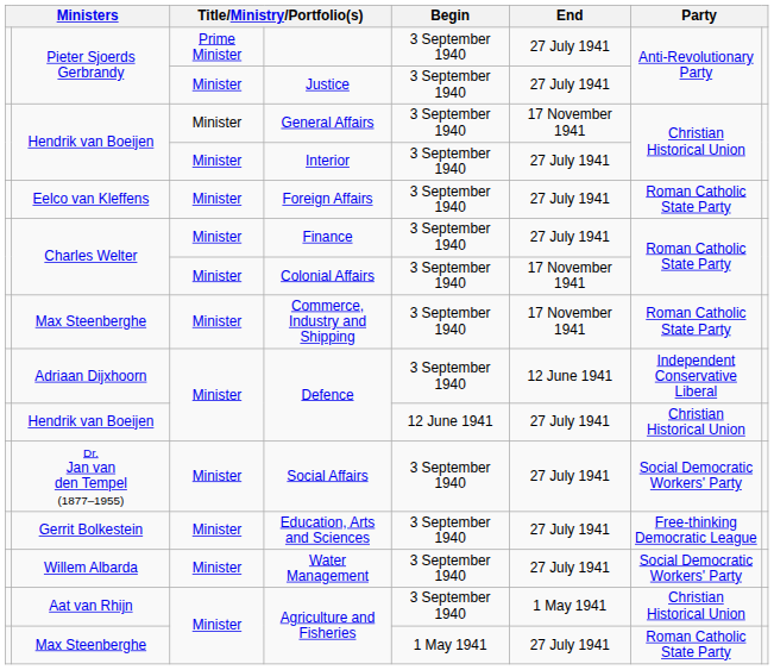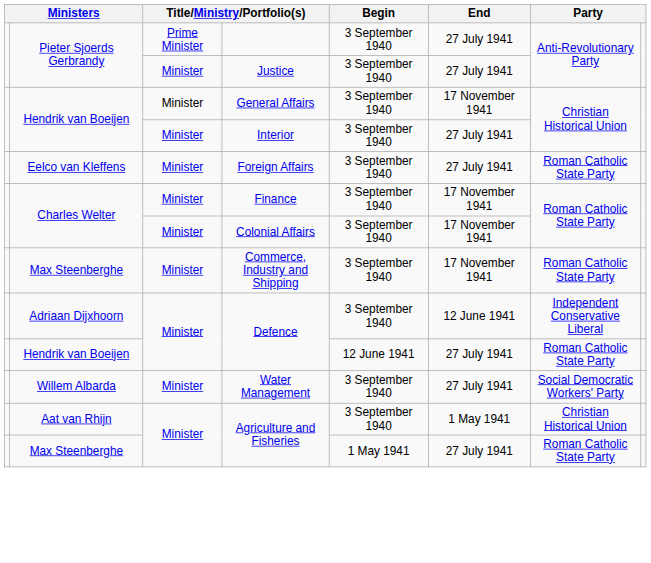 <table class="wikitable" style="text-align:center">
 <tr>
 <th colspan=2><a href='#'>Ministers</a></th>
 <th colspan=2>Title/<a href='#'>Ministry</a>/Portfolio(s)</th>
 <th>Begin</th>
 <th>End</th>
 <th colspan=2>Party</th>
 </tr>
 <tr>
 <td rowspan=2></td>
 <td rowspan=2><a href='#'>Pieter Sjoerds Gerbrandy</a></td>
 <td><a href='#'>Prime Minister</a></td>
 <td></td>
 <td>3 September 1940</td>
 <td>27 July 1941</td>
 <td rowspan=2><a href='#'>Anti-Revolutionary <br> Party</a></td>
 <td rowspan=2 style="background:"></td>
 </tr>
 <tr>
 <td><a href='#'>Minister</a></td>
 <td><a href='#'>Justice</a></td>
 <td>3 September 1940</td>
 <td>27 July 1941</td>
 </tr>
 <tr>
 <td rowspan=2></td>
 <td rowspan=2><a href='#'>Hendrik van Boeijen</a></td>
 <td>Minister</td>
 <td><a href='#'>General Affairs</a></td>
 <td>3 September 1940</td>
 <td>17 November 1941</td>
 <td rowspan=2><a href='#'>Christian <br> Historical Union</a></td>
 <td rowspan=2 style="background:"></td>
 </tr>
 <tr>
 <td><a href='#'>Minister</a></td>
 <td><a href='#'>Interior</a></td>
 <td>3 September 1940</td>
 <td>27 July 1941</td>
 </tr>
 <tr>
 <td></td>
 <td><a href='#'>Eelco van Kleffens</a></td>
 <td><a href='#'>Minister</a></td>
 <td><a href='#'>Foreign Affairs</a></td>
 <td>3 September 1940</td>
 <td>27 July 1941</td>
 <td><a href='#'>Roman Catholic <br> State Party</a></td>
 <td style="background:"></td>
 </tr>
 <tr>
 <td rowspan=2></td>
 <td rowspan=2><a href='#'>Charles Welter</a></td>
 <td><a href='#'>Minister</a></td>
 <td><a href='#'>Finance</a></td>
 <td>3 September 1940</td>
-<td>27 July 1941</td>
+<td>17 November 1941</td>
 <td rowspan=2><a href='#'>Roman Catholic <br> State Party</a></td>
 <td rowspan=2 style="background:"></td>
 </tr>
 <tr>
 <td><a href='#'>Minister</a></td>
 <td><a href='#'>Colonial Affairs</a></td>
 <td>3 September 1940</td>
 <td>17 November 1941</td>
 </tr>
 <tr>
 <td></td>
 <td><a href='#'>Max Steenberghe</a></td>
 <td><a href='#'>Minister</a></td>
 <td><a href='#'>Commerce, <br> Industry and <br> Shipping</a></td>
 <td>3 September 1940</td>
 <td>17 November 1941</td>
 <td><a href='#'>Roman Catholic <br> State Party</a></td>
 <td style="background:"></td>
 </tr>
 <tr>
 <td></td>
 <td><a href='#'>Adriaan Dijxhoorn</a></td>
 <td rowspan=2><a href='#'>Minister</a></td>
 <td rowspan=2><a href='#'>Defence</a></td>
 <td>3 September 1940</td>
 <td>12 June 1941</td>
 <td><a href='#'>Independent</a> <br> <a href='#'>Conservative Liberal</a></td>
 <td style="background:"></td>
 </tr>
 <tr>
 <td></td>
 <td><a href='#'>Hendrik van Boeijen</a></td>
 <td>12 June 1941</td>
 <td>27 July 1941</td>
-<td><a href='#'>Christian <br> Historical Union</a></td>
-<td style="background:"></td>
-</tr>
-<tr>
-<td></td>
-<td><small><a href='#'>Dr.</a></small> <br> <a href='#'>Jan van <br> den Tempel</a> <br> <small>(1877–1955)</small></td>
-<td><a href='#'>Minister</a></td>
-<td><a href='#'>Social Affairs</a></td>
-<td>3 September 1940</td>
-<td>27 July 1941</td>
-<td><a href='#'>Social Democratic <br> Workers' Party</a></td>
-<td style="background:"></td>
-</tr>
-<tr>
-<td></td>
-<td><a href='#'>Gerrit Bolkestein</a></td>
-<td><a href='#'>Minister</a></td>
-<td><a href='#'>Education, Arts <br> and Sciences</a></td>
-<td>3 September 1940</td>
-<td>27 July 1941</td>
-<td><a href='#'>Free-thinking <br> Democratic League</a></td>
+<td><a href='#'>Roman Catholic <br> State Party</a></td>
 <td style="background:"></td>
 </tr>
 <tr>
 <td></td>
 <td><a href='#'>Willem Albarda</a></td>
 <td><a href='#'>Minister</a></td>
 <td><a href='#'>Water Management</a></td>
 <td>3 September 1940</td>
 <td>27 July 1941</td>
 <td><a href='#'>Social Democratic <br> Workers' Party</a></td>
 <td style="background:"></td>
 </tr>
 <tr>
 <td></td>
 <td><a href='#'>Aat van Rhijn</a></td>
 <td rowspan=2><a href='#'>Minister</a></td>
 <td rowspan=2><a href='#'>Agriculture and <br> Fisheries</a></td>
 <td>3 September 1940</td>
 <td>1 May 1941</td>
 <td><a href='#'>Christian <br> Historical Union</a></td>
 <td style="background:"></td>
 </tr>
 <tr>
 <td></td>
 <td><a href='#'>Max Steenberghe</a></td>
 <td>1 May 1941</td>
 <td>27 July 1941</td>
 <td><a href='#'>Roman Catholic <br> State Party</a></td>
 <td style="background:"></td>
 </tr>
 </table>
